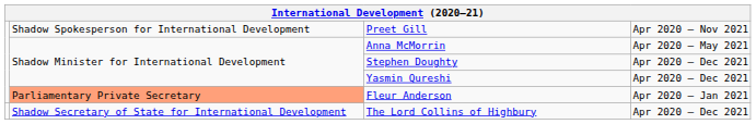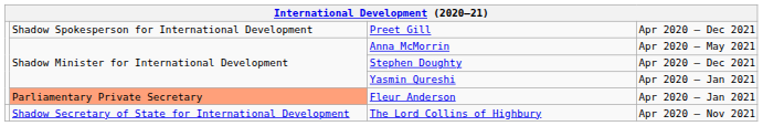 <table class="wikitable">
 <tr>
 <th colspan="4"><a href='#'>International Development</a> (2020–21)</th>
 </tr>
 <tr>
 <td rowspan="5" style="background: "></td>
 <td>Shadow Spokesperson for International Development</td>
 <td style="width: 337px;"><a href='#'>Preet Gill</a></td>
-<td>Apr 2020 – Nov 2021</td>
+<td>Apr 2020 – Dec 2021</td>
 </tr>
 <tr>
 <td rowspan="3">Shadow Minister for International Development</td>
 <td><a href='#'>Anna McMorrin</a></td>
 <td>Apr 2020 – May 2021</td>
 </tr>
 <tr>
 <td><a href='#'>Stephen Doughty</a></td>
 <td>Apr 2020 – Dec 2021</td>
 </tr>
 <tr>
 <td><a href='#'>Yasmin Qureshi</a></td>
-<td>Apr 2020 – Dec 2021</td>
+<td>Apr 2020 – Jan 2021</td>
 </tr>
 <tr>
 <td style="background: lightsalmon;">Parliamentary Private Secretary</td>
 <td><a href='#'>Fleur Anderson</a></td>
 <td>Apr 2020 – Jan 2021</td>
 </tr>
 <tr>
 <td style="background: "></td>
 <td style="width: 450px;"><a href='#'>Shadow Secretary of State for International Development</a></td>
 <td><a href='#'>The Lord Collins of Highbury</a></td>
-<td>Apr 2020 – Dec 2021</td>
+<td>Apr 2020 – Nov 2021</td>
 </tr>
 </table>
